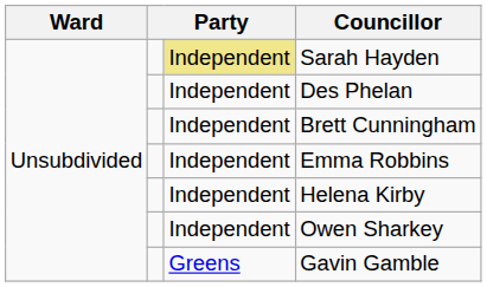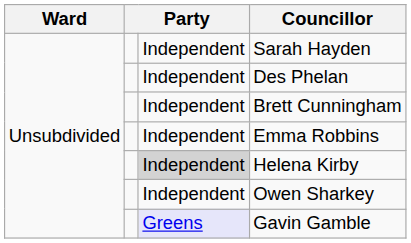 <table class="wikitable">
 <tr>
 <th>Ward</th>
 <th colspan="2">Party</th>
 <th>Councillor</th>
 </tr>
 <tr>
 <td rowspan="7">Unsubdivided</td>
 <td> </td>
-<td style="background: khaki;">Independent</td>
+<td>Independent</td>
 <td>Sarah Hayden</td>
 </tr>
 <tr>
 <td> </td>
 <td>Independent</td>
 <td>Des Phelan</td>
 </tr>
 <tr>
 <td> </td>
 <td>Independent</td>
 <td>Brett Cunningham</td>
 </tr>
 <tr>
 <td> </td>
 <td>Independent</td>
 <td>Emma Robbins</td>
 </tr>
 <tr>
 <td> </td>
-<td>Independent</td>
+<td style="background: lightgrey;">Independent</td>
 <td>Helena Kirby</td>
 </tr>
 <tr>
 <td> </td>
 <td>Independent</td>
 <td>Owen Sharkey</td>
 </tr>
 <tr>
 <td> </td>
-<td><a href='#'>Greens</a></td>
+<td style="background: lavender;"><a href='#'>Greens</a></td>
 <td>Gavin Gamble</td>
 </tr>
 </table>
